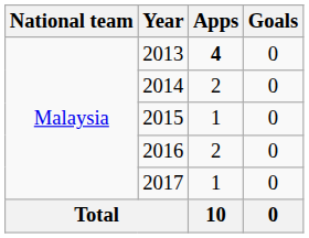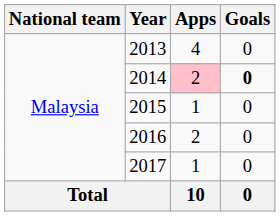 <table class=wikitable style="text-align: center;">
 <tr>
 <th>National team</th>
 <th>Year</th>
 <th>Apps</th>
 <th>Goals</th>
 </tr>
 <tr>
 <td rowspan=5><a href='#'>Malaysia</a></td>
 <td>2013</td>
-<td><strong>4</strong></td>
+<td>4</td>
 <td>0</td>
 </tr>
 <tr>
 <td>2014</td>
-<td>2</td>
-<td>0</td>
+<td style="background: pink;">2</td>
+<td><strong>0</strong></td>
 </tr>
 <tr>
 <td>2015</td>
 <td>1</td>
 <td>0</td>
 </tr>
 <tr>
 <td>2016</td>
 <td>2</td>
 <td>0</td>
 </tr>
 <tr>
 <td>2017</td>
 <td>1</td>
 <td>0</td>
 </tr>
 <tr>
 <th colspan=2>Total</th>
 <th>10</th>
 <th>0</th>
 </tr>
 </table>
